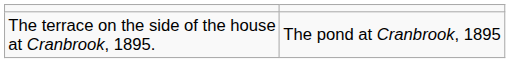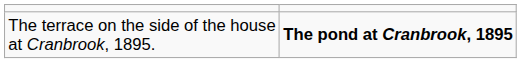 <table class="wikitable" border="1">
 <tr>
 <td></td>
 <td></td>
 </tr>
 <tr>
 <td>The terrace on the side of the house<br>at <em>Cranbrook</em>, 1895.</td>
-<td>The pond at <em>Cranbrook</em>, 1895</td>
+<td><strong>The pond at <em>Cranbrook</em>, 1895</strong></td>
 </tr>
 </table>
